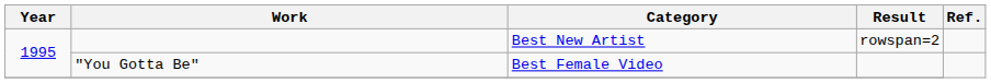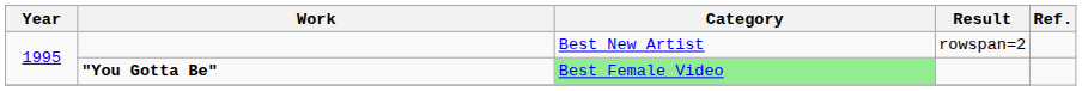 <table class="wikitable sortable">
 <tr>
 <th scope="col" style="width:4em;">Year</th>
 <th scope="col" style="width:29em;">Work</th>
 <th scope="col" style="width:23em;">Category</th>
 <th scope="col" style="width:5em;">Result</th>
 <th class=unsortable>Ref.</th>
 </tr>
 <tr>
 <td rowspan="2" style="text-align:center;"><a href='#'>1995</a></td>
 <td></td>
 <td><a href='#'>Best New Artist</a></td>
 <td>rowspan=2 </td>
 <td style="text-align:center;"></td>
 </tr>
 <tr>
-<td>"You Gotta Be"</td>
-<td><a href='#'>Best Female Video</a></td>
+<td><strong>"You Gotta Be"</strong></td>
+<td style="background: lightgreen;"><a href='#'>Best Female Video</a></td>
 <td style="text-align:center;"></td>
 </tr>
 <tr>
 </tr>
 </table>
